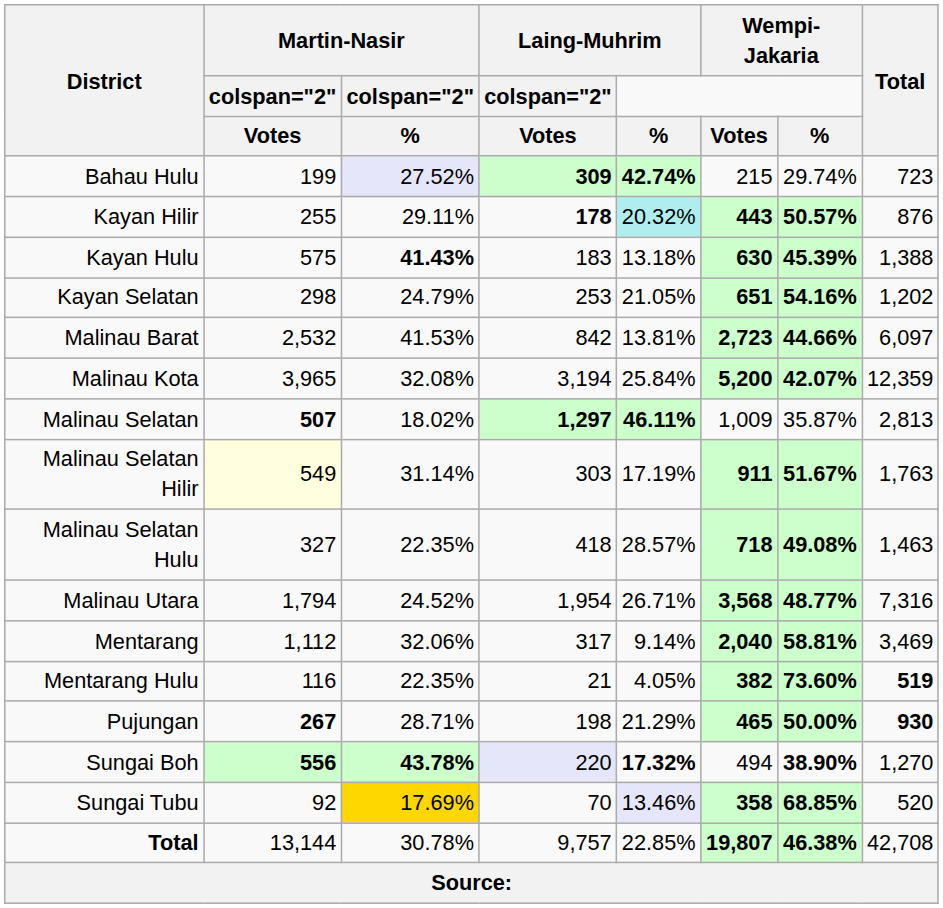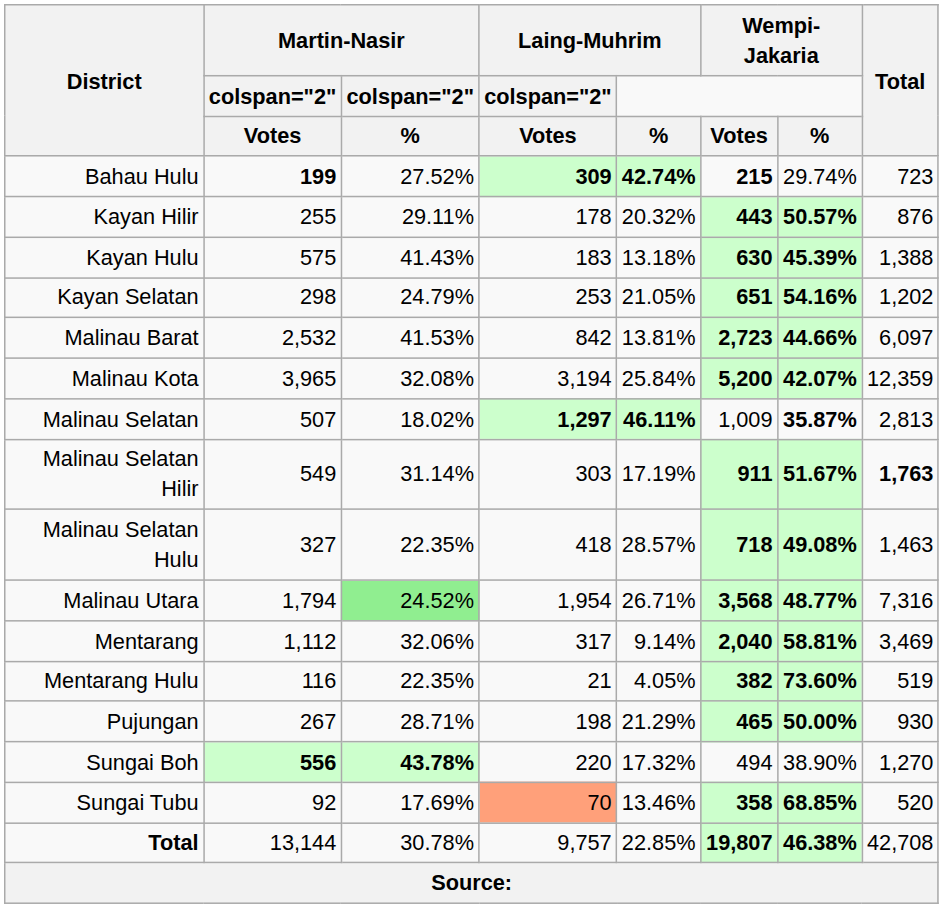 <table class="wikitable" style="text-align:right; font-size:90%; line-height:20px;">
 <tr>
 <th rowspan="3" width="125">District</th>
 <th colspan="2" width="100">Martin-Nasir</th>
 <th colspan="2" width="100">Laing-Muhrim</th>
 <th colspan="2" width="100">Wempi-Jakaria</th>
 <th rowspan="3">Total</th>
 </tr>
 <tr>
 <th>colspan="2" </th>
 <th>colspan="2" </th>
 <th>colspan="2" </th>
 </tr>
 <tr>
 <th>Votes</th>
 <th>%</th>
 <th>Votes</th>
 <th>%</th>
 <th>Votes</th>
 <th>%</th>
 </tr>
 <tr>
 <td>Bahau Hulu</td>
-<td>199</td>
-<td style="background: lavender;">27.52%</td>
+<td><strong>199</strong></td>
+<td>27.52%</td>
 <td style="background:#ccffcc"><strong>309</strong></td>
 <td style="background:#ccffcc"><strong>42.74%</strong></td>
-<td>215</td>
+<td><strong>215</strong></td>
 <td>29.74%</td>
 <td>723</td>
 </tr>
 <tr>
 <td>Kayan Hilir</td>
 <td>255</td>
 <td>29.11%</td>
-<td><strong>178</strong></td>
-<td style="background: paleturquoise;">20.32%</td>
+<td>178</td>
+<td>20.32%</td>
 <td style="background:#ccffcc"><strong>443</strong></td>
 <td style="background:#ccffcc"><strong>50.57%</strong></td>
 <td>876</td>
 </tr>
 <tr>
 <td>Kayan Hulu</td>
 <td>575</td>
-<td><strong>41.43%</strong></td>
+<td>41.43%</td>
 <td>183</td>
 <td>13.18%</td>
 <td style="background:#ccffcc"><strong>630</strong></td>
 <td style="background:#ccffcc"><strong>45.39%</strong></td>
 <td>1,388</td>
 </tr>
 <tr>
 <td>Kayan Selatan</td>
 <td>298</td>
 <td>24.79%</td>
 <td>253</td>
 <td>21.05%</td>
 <td style="background:#ccffcc"><strong>651</strong></td>
 <td style="background:#ccffcc"><strong>54.16%</strong></td>
 <td>1,202</td>
 </tr>
 <tr>
 <td>Malinau Barat</td>
 <td>2,532</td>
 <td>41.53%</td>
 <td>842</td>
 <td>13.81%</td>
 <td style="background:#ccffcc"><strong>2,723</strong></td>
 <td style="background:#ccffcc"><strong>44.66%</strong></td>
 <td>6,097</td>
 </tr>
 <tr>
 <td>Malinau Kota</td>
 <td>3,965</td>
 <td>32.08%</td>
 <td>3,194</td>
 <td>25.84%</td>
 <td style="background:#ccffcc"><strong>5,200</strong></td>
 <td style="background:#ccffcc"><strong>42.07%</strong></td>
 <td>12,359</td>
 </tr>
 <tr>
 <td>Malinau Selatan</td>
-<td><strong>507</strong></td>
+<td>507</td>
 <td>18.02%</td>
 <td style="background:#ccffcc"><strong>1,297</strong></td>
 <td style="background:#ccffcc"><strong>46.11%</strong></td>
 <td>1,009</td>
-<td>35.87%</td>
+<td><strong>35.87%</strong></td>
 <td>2,813</td>
 </tr>
 <tr>
 <td>Malinau Selatan Hilir</td>
-<td style="background: lightyellow;">549</td>
+<td>549</td>
 <td>31.14%</td>
 <td>303</td>
 <td>17.19%</td>
 <td style="background:#ccffcc"><strong>911</strong></td>
 <td style="background:#ccffcc"><strong>51.67%</strong></td>
-<td>1,763</td>
+<td><strong>1,763</strong></td>
 </tr>
 <tr>
 <td>Malinau Selatan Hulu</td>
 <td>327</td>
 <td>22.35%</td>
 <td>418</td>
 <td>28.57%</td>
 <td style="background:#ccffcc"><strong>718</strong></td>
 <td style="background:#ccffcc"><strong>49.08%</strong></td>
 <td>1,463</td>
 </tr>
 <tr>
 <td>Malinau Utara</td>
 <td>1,794</td>
-<td>24.52%</td>
+<td style="background: lightgreen;">24.52%</td>
 <td>1,954</td>
 <td>26.71%</td>
 <td style="background:#ccffcc"><strong>3,568</strong></td>
 <td style="background:#ccffcc"><strong>48.77%</strong></td>
 <td>7,316</td>
 </tr>
 <tr>
 <td>Mentarang</td>
 <td>1,112</td>
 <td>32.06%</td>
 <td>317</td>
 <td>9.14%</td>
 <td style="background:#ccffcc"><strong>2,040</strong></td>
 <td style="background:#ccffcc"><strong>58.81%</strong></td>
 <td>3,469</td>
 </tr>
 <tr>
 <td>Mentarang Hulu</td>
 <td>116</td>
 <td>22.35%</td>
 <td>21</td>
 <td>4.05%</td>
 <td style="background:#ccffcc"><strong>382</strong></td>
 <td style="background:#ccffcc"><strong>73.60%</strong></td>
-<td><strong>519</strong></td>
+<td>519</td>
 </tr>
 <tr>
 <td>Pujungan</td>
-<td><strong>267</strong></td>
+<td>267</td>
 <td>28.71%</td>
 <td>198</td>
 <td>21.29%</td>
 <td style="background:#ccffcc"><strong>465</strong></td>
 <td style="background:#ccffcc"><strong>50.00%</strong></td>
-<td><strong>930</strong></td>
+<td>930</td>
 </tr>
 <tr>
 <td>Sungai Boh</td>
 <td style="background:#ccffcc"><strong>556</strong></td>
 <td style="background:#ccffcc"><strong>43.78%</strong></td>
-<td style="background: lavender;">220</td>
-<td><strong>17.32%</strong></td>
+<td>220</td>
+<td>17.32%</td>
 <td>494</td>
-<td><strong>38.90%</strong></td>
+<td>38.90%</td>
 <td>1,270</td>
 </tr>
 <tr>
 <td>Sungai Tubu</td>
 <td>92</td>
-<td style="background: gold;">17.69%</td>
-<td>70</td>
-<td style="background: lavender;">13.46%</td>
+<td>17.69%</td>
+<td style="background: lightsalmon;">70</td>
+<td>13.46%</td>
 <td style="background:#ccffcc"><strong>358</strong></td>
 <td style="background:#ccffcc"><strong>68.85%</strong></td>
 <td>520</td>
 </tr>
 <tr>
 <td><strong>Total</strong></td>
 <td>13,144</td>
 <td>30.78%</td>
 <td>9,757</td>
 <td>22.85%</td>
 <td style="background:#ccffcc"><strong>19,807</strong></td>
 <td style="background:#ccffcc"><strong>46.38%</strong></td>
 <td>42,708</td>
 </tr>
 <tr>
 <th colspan="8">Source: </th>
 </tr>
 </table>
